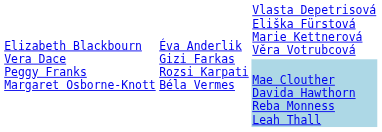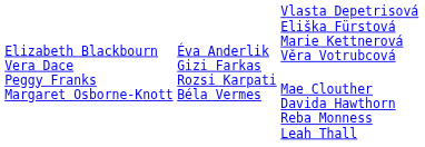 <table>
 <tr>
 <td rowspan=2></td>
 <td rowspan=2><br><a href='#'>Elizabeth Blackbourn</a><br><a href='#'>Vera Dace</a><br><a href='#'>Peggy Franks</a><br><a href='#'>Margaret Osborne-Knott</a></td>
 <td rowspan=2><br><a href='#'>Éva Anderlik</a><br><a href='#'>Gizi Farkas</a><br><a href='#'>Rozsi Karpati</a><br><a href='#'>Béla Vermes</a></td>
 <td><br><a href='#'>Vlasta Depetrisová</a><br><a href='#'>Eliška Fürstová</a><br><a href='#'>Marie Kettnerová</a><br><a href='#'>Věra Votrubcová</a></td>
 </tr>
 <tr>
-<td style="background: lightblue;"><br><a href='#'>Mae Clouther</a><br><a href='#'>Davida Hawthorn</a><br><a href='#'>Reba Monness</a><br><a href='#'>Leah Thall</a></td>
+<td><br><a href='#'>Mae Clouther</a><br><a href='#'>Davida Hawthorn</a><br><a href='#'>Reba Monness</a><br><a href='#'>Leah Thall</a></td>
 </tr>
 </table>
